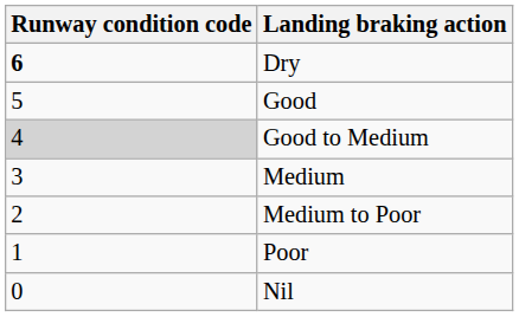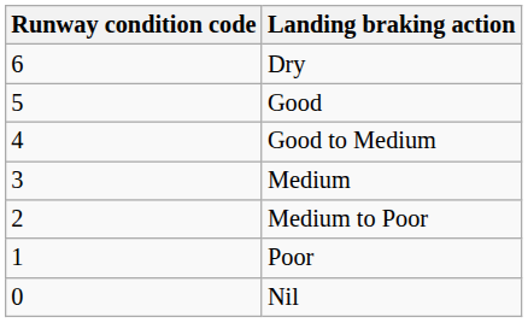 <table class="wikitable">
 <tr>
 <th>Runway condition code</th>
 <th>Landing braking action</th>
 </tr>
 <tr>
-<td><strong>6</strong></td>
+<td>6</td>
 <td>Dry</td>
 </tr>
 <tr>
 <td>5</td>
 <td>Good</td>
 </tr>
 <tr>
-<td style="background: lightgrey;">4</td>
+<td>4</td>
 <td>Good to Medium</td>
 </tr>
 <tr>
 <td>3</td>
 <td>Medium</td>
 </tr>
 <tr>
 <td>2</td>
 <td>Medium to Poor</td>
 </tr>
 <tr>
 <td>1</td>
 <td>Poor</td>
 </tr>
 <tr>
 <td>0</td>
 <td>Nil</td>
 </tr>
 </table>
